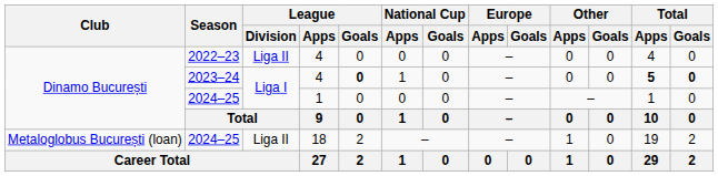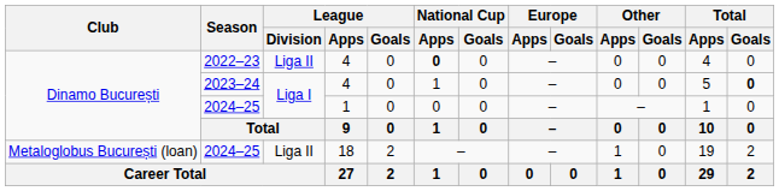 <table class=wikitable style=text-align:center>
 <tr>
 <th rowspan=2>Club</th>
 <th rowspan=2>Season</th>
 <th colspan=3>League</th>
 <th colspan=2>National Cup</th>
 <th colspan=2>Europe</th>
 <th colspan=2>Other</th>
 <th colspan=2>Total</th>
 </tr>
 <tr>
 <th>Division</th>
 <th>Apps</th>
 <th>Goals</th>
 <th>Apps</th>
 <th>Goals</th>
 <th>Apps</th>
 <th>Goals</th>
 <th>Apps</th>
 <th>Goals</th>
 <th>Apps</th>
 <th>Goals</th>
 </tr>
 <tr>
 <td rowspan="4"><a href='#'>Dinamo București</a></td>
 <td><a href='#'>2022–23</a></td>
 <td rowspan="1"><a href='#'>Liga II</a></td>
 <td>4</td>
 <td>0</td>
-<td>0</td>
+<td><strong>0</strong></td>
 <td>0</td>
 <td colspan="2">–</td>
 <td>0</td>
 <td>0</td>
 <td>4</td>
 <td>0</td>
 </tr>
 <tr>
 <td><a href='#'>2023–24</a></td>
 <td rowspan="2"><a href='#'>Liga I</a></td>
 <td>4</td>
-<td><strong>0</strong></td>
+<td>0</td>
 <td>1</td>
 <td>0</td>
 <td colspan="2">–</td>
 <td>0</td>
 <td>0</td>
-<td><strong>5</strong></td>
+<td>5</td>
 <td><strong>0</strong></td>
 </tr>
 <tr>
 <td><a href='#'>2024–25</a></td>
 <td>1</td>
 <td>0</td>
 <td>0</td>
 <td>0</td>
 <td colspan="2">–</td>
 <td colspan="2">–</td>
 <td>1</td>
 <td>0</td>
 </tr>
 <tr>
 <th colspan=2>Total</th>
 <th>9</th>
 <th>0</th>
 <th>1</th>
 <th>0</th>
 <th colspan="2">–</th>
 <th>0</th>
 <th>0</th>
 <th>10</th>
 <th>0</th>
 </tr>
 <tr>
 <td rowspan="1"><a href='#'>Metaloglobus București</a> (loan)</td>
 <td><a href='#'>2024–25</a></td>
 <td rowspan="1">Liga II</td>
 <td>18</td>
 <td>2</td>
 <td colspan="2">–</td>
 <td colspan="2">–</td>
 <td>1</td>
 <td>0</td>
 <td>19</td>
 <td>2</td>
 </tr>
 <tr>
 <th colspan="3">Career Total</th>
 <th>27</th>
 <th>2</th>
 <th>1</th>
 <th>0</th>
 <th>0</th>
 <th>0</th>
 <th>1</th>
 <th>0</th>
 <th>29</th>
 <th>2</th>
 </tr>
 </table>
